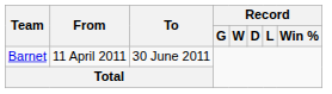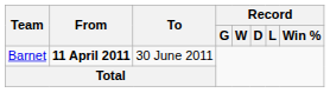 <table class="wikitable" style="text-align:center">
 <tr>
 <th rowspan=2>Team</th>
 <th rowspan=2>From</th>
 <th rowspan=2>To</th>
 <th colspan=8>Record</th>
 </tr>
 <tr>
 <th>G</th>
 <th>W</th>
 <th>D</th>
 <th>L</th>
 <th>Win %</th>
 </tr>
 <tr>
 <td align=left><a href='#'>Barnet</a></td>
-<td align=left>11 April 2011</td>
+<td align=left><strong>11 April 2011</strong></td>
 <td align=left>30 June 2011<br></td>
 </tr>
 <tr>
 <th colspan="3">Total<br></th>
 </tr>
 </table>
